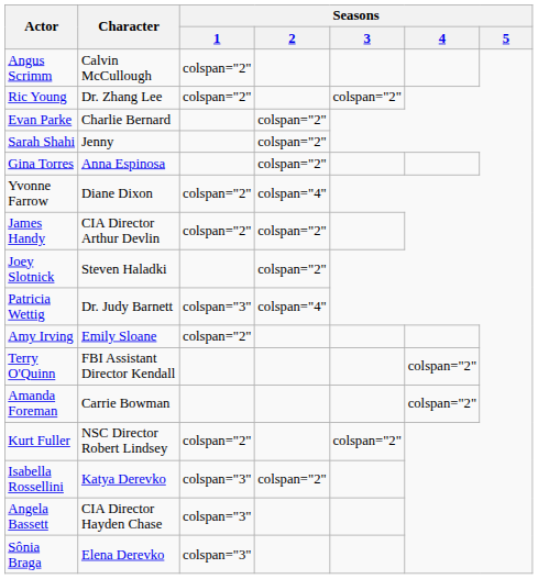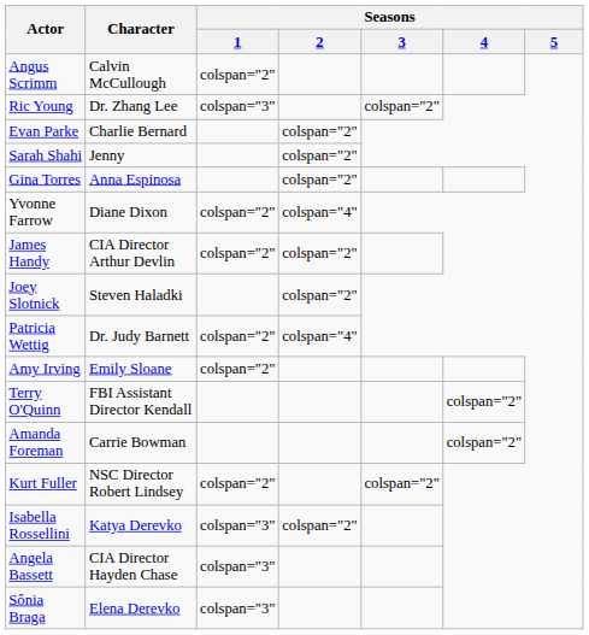 <table class="wikitable">
 <tr>
 <th rowspan="2">Actor</th>
 <th rowspan="2">Character</th>
 <th colspan="5">Seasons</th>
 </tr>
 <tr>
 <th style="width:10%;"><a href='#'>1</a></th>
 <th style="width:10%;"><a href='#'>2</a></th>
 <th style="width:10%;"><a href='#'>3</a></th>
 <th style="width:10%;"><a href='#'>4</a></th>
 <th style="width:10%;"><a href='#'>5</a></th>
 </tr>
 <tr>
 <td><a href='#'>Angus Scrimm</a></td>
 <td>Calvin McCullough</td>
 <td>colspan="2" </td>
 <td></td>
 <td></td>
 <td></td>
 </tr>
 <tr>
 <td><a href='#'>Ric Young</a></td>
 <td>Dr. Zhang Lee</td>
-<td>colspan="2" </td>
+<td>colspan="3" </td>
 <td></td>
 <td>colspan="2" </td>
 </tr>
 <tr>
 <td><a href='#'>Evan Parke</a></td>
 <td>Charlie Bernard</td>
 <td></td>
 <td>colspan="2" </td>
 </tr>
 <tr>
 <td><a href='#'>Sarah Shahi</a></td>
 <td>Jenny</td>
 <td></td>
 <td>colspan="2" </td>
 </tr>
 <tr>
 <td><a href='#'>Gina Torres</a></td>
 <td><a href='#'>Anna Espinosa</a></td>
 <td></td>
 <td>colspan="2" </td>
 <td></td>
 <td></td>
 </tr>
 <tr>
 <td>Yvonne Farrow</td>
 <td>Diane Dixon</td>
 <td>colspan="2" </td>
 <td>colspan="4" </td>
 </tr>
 <tr>
 <td><a href='#'>James Handy</a></td>
 <td>CIA Director Arthur Devlin</td>
 <td>colspan="2" </td>
 <td>colspan="2" </td>
 <td></td>
 </tr>
 <tr>
 <td><a href='#'>Joey Slotnick</a></td>
 <td>Steven Haladki</td>
 <td></td>
 <td>colspan="2" </td>
 </tr>
 <tr>
 <td><a href='#'>Patricia Wettig</a></td>
 <td>Dr. Judy Barnett</td>
-<td>colspan="3" </td>
+<td>colspan="2" </td>
 <td>colspan="4" </td>
 </tr>
 <tr>
 <td><a href='#'>Amy Irving</a></td>
 <td><a href='#'>Emily Sloane</a></td>
 <td>colspan="2" </td>
 <td></td>
 <td></td>
 <td></td>
 </tr>
 <tr>
 <td><a href='#'>Terry O'Quinn</a></td>
 <td>FBI Assistant Director Kendall</td>
 <td></td>
 <td></td>
 <td></td>
 <td>colspan="2" </td>
 </tr>
 <tr>
 <td><a href='#'>Amanda Foreman</a></td>
 <td>Carrie Bowman</td>
 <td></td>
 <td></td>
 <td></td>
 <td>colspan="2" </td>
 </tr>
 <tr>
 <td><a href='#'>Kurt Fuller</a></td>
 <td>NSC Director Robert Lindsey</td>
 <td>colspan="2" </td>
 <td></td>
 <td>colspan="2" </td>
 </tr>
 <tr>
 <td><a href='#'>Isabella Rossellini</a></td>
 <td><a href='#'>Katya Derevko</a></td>
 <td>colspan="3" </td>
 <td>colspan="2" </td>
 <td></td>
 </tr>
 <tr>
 <td><a href='#'>Angela Bassett</a></td>
 <td>CIA Director Hayden Chase</td>
 <td>colspan="3" </td>
 <td></td>
 <td></td>
 </tr>
 <tr>
 <td><a href='#'>Sônia Braga</a></td>
 <td><a href='#'>Elena Derevko</a></td>
 <td>colspan="3" </td>
 <td></td>
 <td></td>
 </tr>
 </table>
